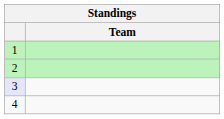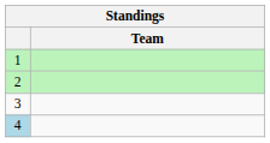 <table class="wikitable" style="text-align:center" width="300">
 <tr>
 <th colspan="2">Standings</th>
 </tr>
 <tr>
 <th width="5%"></th>
 <th width="50%">Team</th>
 </tr>
 <tr bgcolor="bbf3bb">
 <td>1</td>
 <td style="text-align:left"></td>
 </tr>
 <tr bgcolor="bbf3bb">
 <td>2</td>
 <td style="text-align:left"></td>
 </tr>
 <tr>
-<td style="background: lavender;">3</td>
+<td>3</td>
 <td style="text-align:left"></td>
 </tr>
 <tr>
-<td>4</td>
+<td style="background: lightblue;">4</td>
 <td style="text-align:left"></td>
 </tr>
 </table>
